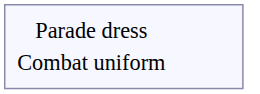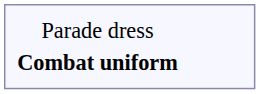 <table style="border:1px solid #8888aa; background-color:#f7f8ff; padding:5px; font-size:95%; margin: 0px 12px 12px 0px;">
 <tr style="text-align:center;">
 <td>Parade dress</td>
 <td colspan=3></td>
 <td colspan=3></td>
 <td colspan=2></td>
 <td colspan=2></td>
 <td colspan=6></td>
 <td colspan=6></td>
 <td colspan=4></td>
 <td colspan=2></td>
 <td colspan=3></td>
 <td colspan=3></td>
 <td colspan=5></td>
 </tr>
 <tr style="text-align:center;">
-<td>Combat uniform</td>
+<td><strong>Combat uniform</strong></td>
 <td colspan=3></td>
 <td colspan=3></td>
 <td colspan=2></td>
 <td colspan=2></td>
 <td colspan=6></td>
 <td colspan=6></td>
 <td colspan=4></td>
 <td colspan=2></td>
 <td colspan=3></td>
 <td colspan=3><br></td>
 </tr>
 </table>
